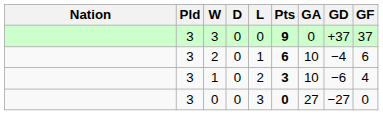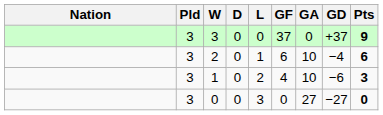 <table class="wikitable" style="text-align: center;">
 <tr>
 <th width=200>Nation</th>
 <th width=20>Pld</th>
 <th width=20>W</th>
 <th width=20>D</th>
 <th width=20>L</th>
-<th width=20>Pts</th>
+<th width=20>GF</th>
 <th width=20>GA</th>
 <th width=20>GD</th>
-<th width=20>GF</th>
+<th width=20>Pts</th>
 </tr>
 <tr bgcolor=ccffcc>
 <td style="text-align:left"></td>
 <td>3</td>
 <td>3</td>
 <td>0</td>
 <td>0</td>
-<td><strong>9</strong></td>
+<td>37</td>
 <td>0</td>
 <td>+37</td>
-<td>37</td>
+<td><strong>9</strong></td>
 </tr>
 <tr>
 <td style="text-align:left"></td>
 <td>3</td>
 <td>2</td>
 <td>0</td>
 <td>1</td>
-<td><strong>6</strong></td>
+<td>6</td>
 <td>10</td>
 <td>−4</td>
-<td>6</td>
+<td><strong>6</strong></td>
 </tr>
 <tr>
 <td style="text-align:left"></td>
 <td>3</td>
 <td>1</td>
 <td>0</td>
 <td>2</td>
-<td><strong>3</strong></td>
+<td>4</td>
 <td>10</td>
 <td>−6</td>
-<td>4</td>
+<td><strong>3</strong></td>
 </tr>
 <tr>
 <td style="text-align:left"></td>
 <td>3</td>
 <td>0</td>
 <td>0</td>
 <td>3</td>
-<td><strong>0</strong></td>
+<td>0</td>
 <td>27</td>
 <td>−27</td>
-<td>0</td>
+<td><strong>0</strong></td>
 </tr>
 </table>
